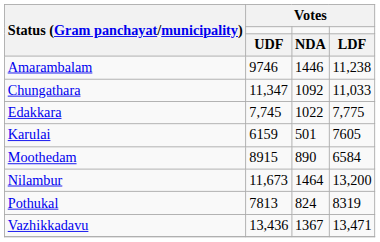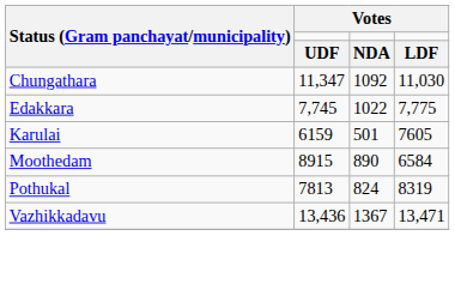 <table class="wikitable">
 <tr>
 <th rowspan="3">Status (<a href='#'>Gram panchayat</a>/<a href='#'>municipality</a>)</th>
 <th colspan="3">Votes</th>
 </tr>
 <tr>
 <td style="background:"></td>
 <td style="background:"></td>
 <td style="background:"></td>
 </tr>
 <tr>
 <th>UDF</th>
 <th>NDA</th>
 <th>LDF</th>
 </tr>
 <tr>
-<td><a href='#'>Amarambalam</a></td>
-<td>9746</td>
-<td>1446</td>
-<td>11,238</td>
-</tr>
-<tr>
 <td><a href='#'>Chungathara</a></td>
 <td>11,347</td>
 <td>1092</td>
-<td>11,033</td>
+<td>11,030</td>
 </tr>
 <tr>
 <td><a href='#'>Edakkara</a></td>
 <td>7,745</td>
 <td>1022</td>
 <td>7,775</td>
 </tr>
 <tr>
 <td><a href='#'>Karulai</a></td>
 <td>6159</td>
 <td>501</td>
 <td>7605</td>
 </tr>
 <tr>
 <td><a href='#'>Moothedam</a></td>
 <td>8915</td>
 <td>890</td>
 <td>6584</td>
 </tr>
 <tr>
-<td><a href='#'>Nilambur</a></td>
-<td>11,673</td>
-<td>1464</td>
-<td>13,200</td>
-</tr>
-<tr>
 <td><a href='#'>Pothukal</a></td>
 <td>7813</td>
 <td>824</td>
 <td>8319</td>
 </tr>
 <tr>
 <td><a href='#'>Vazhikkadavu</a></td>
 <td>13,436</td>
 <td>1367</td>
 <td>13,471</td>
 </tr>
 <tr>
 </tr>
 </table>
